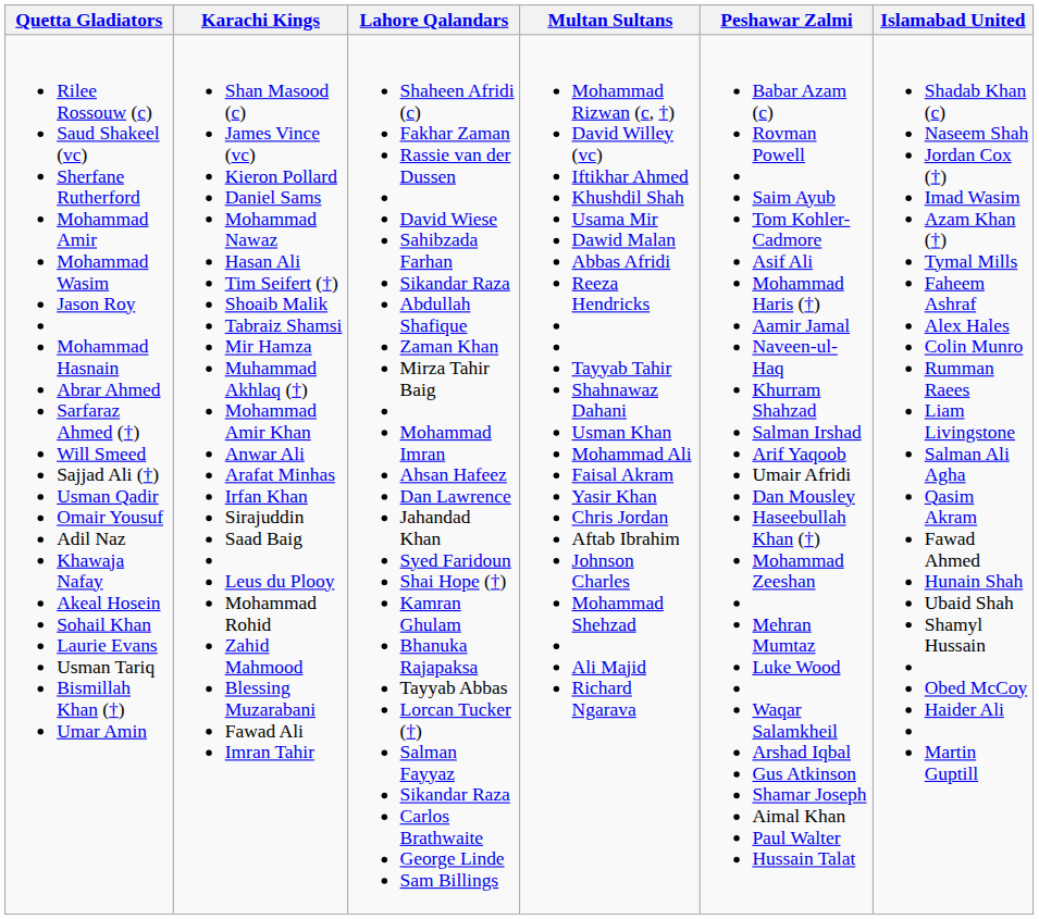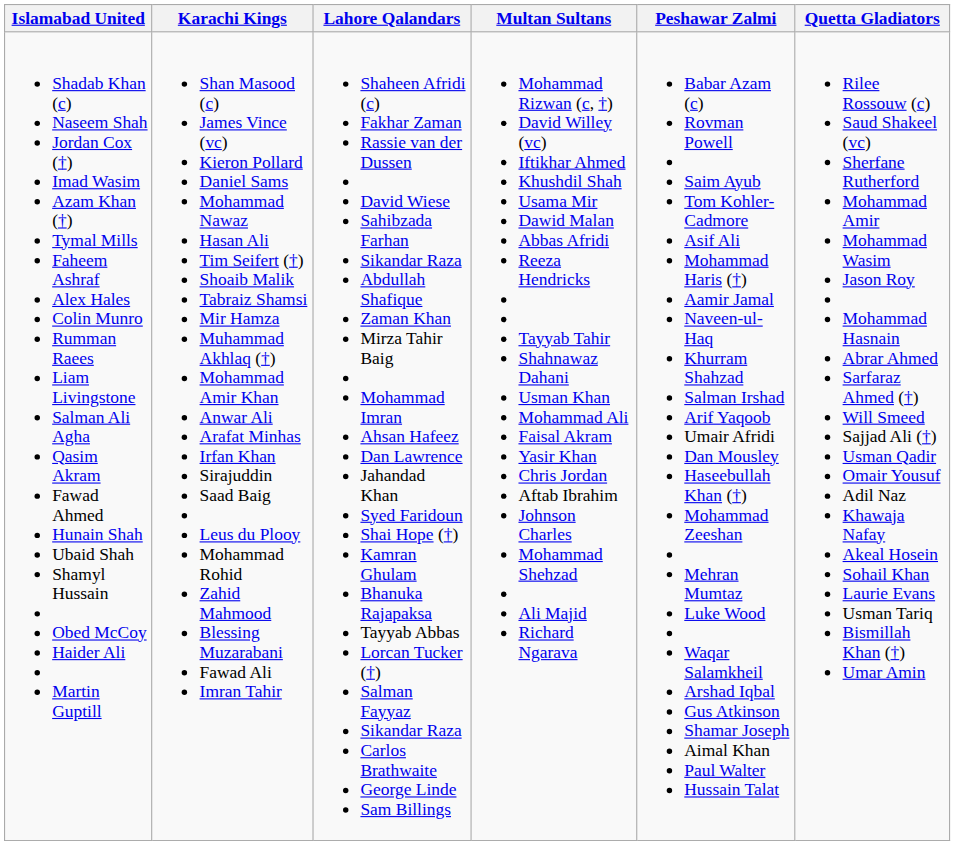 <table class="wikitable">
 <tr>
-<th><a href='#'>Quetta Gladiators</a></th>
+<th><a href='#'>Islamabad United</a></th>
 <th><a href='#'>Karachi Kings</a></th>
 <th><a href='#'>Lahore Qalandars</a></th>
 <th><a href='#'>Multan Sultans</a></th>
 <th><a href='#'>Peshawar Zalmi</a></th>
-<th><a href='#'>Islamabad United</a></th>
+<th><a href='#'>Quetta Gladiators</a></th>
 </tr>
 <tr>
-<td valign=top><br><ul><li><a href='#'>Rilee Rossouw</a> (<a href='#'>c</a>)</li><li><a href='#'>Saud Shakeel</a> (<a href='#'>vc</a>)</li><li><a href='#'>Sherfane Rutherford</a></li><li><a href='#'>Mohammad Amir</a></li><li><a href='#'>Mohammad Wasim</a></li><li><a href='#'>Jason Roy</a></li><li></li><li><a href='#'>Mohammad Hasnain</a></li><li><a href='#'>Abrar Ahmed</a></li><li><a href='#'>Sarfaraz Ahmed</a> (<a href='#'>†</a>)</li><li><a href='#'>Will Smeed</a></li><li>Sajjad Ali (<a href='#'>†</a>)</li><li><a href='#'>Usman Qadir</a></li><li><a href='#'>Omair Yousuf</a></li><li>Adil Naz</li><li><a href='#'>Khawaja Nafay</a></li><li><a href='#'>Akeal Hosein</a></li><li><a href='#'>Sohail Khan</a></li><li><a href='#'>Laurie Evans</a></li><li>Usman Tariq</li><li><a href='#'>Bismillah Khan</a> (<a href='#'>†</a>)</li><li><a href='#'>Umar Amin</a></li></ul></td>
+<td valign=top><br><ul><li><a href='#'>Shadab Khan</a> (<a href='#'>c</a>)</li><li><a href='#'>Naseem Shah</a></li><li><a href='#'>Jordan Cox</a> (<a href='#'>†</a>)</li><li><a href='#'>Imad Wasim</a></li><li><a href='#'>Azam Khan</a> (<a href='#'>†</a>)</li><li><a href='#'>Tymal Mills</a></li><li><a href='#'>Faheem Ashraf</a></li><li><a href='#'>Alex Hales</a></li><li><a href='#'>Colin Munro</a></li><li><a href='#'>Rumman Raees</a></li><li><a href='#'>Liam Livingstone</a></li><li><a href='#'>Salman Ali Agha</a></li><li><a href='#'>Qasim Akram</a></li><li>Fawad Ahmed</li><li><a href='#'>Hunain Shah</a></li><li>Ubaid Shah</li><li>Shamyl Hussain</li><li></li><li><a href='#'>Obed McCoy</a></li><li><a href='#'>Haider Ali</a></li><li></li><li><a href='#'>Martin Guptill</a></li></ul></td>
 <td valign=top><br><ul><li><a href='#'>Shan Masood</a> (<a href='#'>c</a>)</li><li><a href='#'>James Vince</a> (<a href='#'>vc</a>)</li><li><a href='#'>Kieron Pollard</a></li><li><a href='#'>Daniel Sams</a></li><li><a href='#'>Mohammad Nawaz</a></li><li><a href='#'>Hasan Ali</a></li><li><a href='#'>Tim Seifert</a> (<a href='#'>†</a>)</li><li><a href='#'>Shoaib Malik</a></li><li><a href='#'>Tabraiz Shamsi</a></li><li><a href='#'>Mir Hamza</a></li><li><a href='#'>Muhammad Akhlaq</a> (<a href='#'>†</a>)</li><li><a href='#'>Mohammad Amir Khan</a></li><li><a href='#'>Anwar Ali</a></li><li><a href='#'>Arafat Minhas</a></li><li><a href='#'>Irfan Khan</a></li><li>Sirajuddin</li><li>Saad Baig</li><li></li><li><a href='#'>Leus du Plooy</a></li><li>Mohammad Rohid</li><li><a href='#'>Zahid Mahmood</a></li><li><a href='#'>Blessing Muzarabani</a></li><li>Fawad Ali</li><li><a href='#'>Imran Tahir</a></li></ul></td>
 <td valign=top><br><ul><li><a href='#'>Shaheen Afridi</a> (<a href='#'>c</a>)</li><li><a href='#'>Fakhar Zaman</a></li><li><a href='#'>Rassie van der Dussen</a></li><li></li><li><a href='#'>David Wiese</a></li><li><a href='#'>Sahibzada Farhan</a></li><li><a href='#'>Sikandar Raza</a></li><li><a href='#'>Abdullah Shafique</a></li><li><a href='#'>Zaman Khan</a></li><li>Mirza Tahir Baig</li><li></li><li><a href='#'>Mohammad Imran</a></li><li><a href='#'>Ahsan Hafeez</a></li><li><a href='#'>Dan Lawrence</a></li><li>Jahandad Khan</li><li><a href='#'>Syed Faridoun</a></li><li><a href='#'>Shai Hope</a> (<a href='#'>†</a>)</li><li><a href='#'>Kamran Ghulam</a></li><li><a href='#'>Bhanuka Rajapaksa</a></li><li>Tayyab Abbas</li><li><a href='#'>Lorcan Tucker</a> (<a href='#'>†</a>)</li><li><a href='#'>Salman Fayyaz</a></li><li><a href='#'>Sikandar Raza</a></li><li><a href='#'>Carlos Brathwaite</a></li><li><a href='#'>George Linde</a></li><li><a href='#'>Sam Billings</a></li></ul></td>
 <td valign=top><br><ul><li><a href='#'>Mohammad Rizwan</a> (<a href='#'>c</a>, <a href='#'>†</a>)</li><li><a href='#'>David Willey</a> (<a href='#'>vc</a>)</li><li><a href='#'>Iftikhar Ahmed</a></li><li><a href='#'>Khushdil Shah</a></li><li><a href='#'>Usama Mir</a></li><li><a href='#'>Dawid Malan</a></li><li><a href='#'>Abbas Afridi</a></li><li><a href='#'>Reeza Hendricks</a></li><li></li><li></li><li><a href='#'>Tayyab Tahir</a></li><li><a href='#'>Shahnawaz Dahani</a></li><li><a href='#'>Usman Khan</a></li><li><a href='#'>Mohammad Ali</a></li><li><a href='#'>Faisal Akram</a></li><li><a href='#'>Yasir Khan</a></li><li><a href='#'>Chris Jordan</a></li><li>Aftab Ibrahim</li><li><a href='#'>Johnson Charles</a></li><li><a href='#'>Mohammad Shehzad</a></li><li></li><li><a href='#'>Ali Majid</a></li><li><a href='#'>Richard Ngarava</a></li></ul></td>
 <td valign=top><br><ul><li><a href='#'>Babar Azam</a> (<a href='#'>c</a>)</li><li><a href='#'>Rovman Powell</a></li><li></li><li><a href='#'>Saim Ayub</a></li><li><a href='#'>Tom Kohler-Cadmore</a></li><li><a href='#'>Asif Ali</a></li><li><a href='#'>Mohammad Haris</a> (<a href='#'>†</a>)</li><li><a href='#'>Aamir Jamal</a></li><li><a href='#'>Naveen-ul-Haq</a></li><li><a href='#'>Khurram Shahzad</a></li><li><a href='#'>Salman Irshad</a></li><li><a href='#'>Arif Yaqoob</a></li><li>Umair Afridi</li><li><a href='#'>Dan Mousley</a></li><li><a href='#'>Haseebullah Khan</a> (<a href='#'>†</a>)</li><li><a href='#'>Mohammad Zeeshan</a></li><li></li><li><a href='#'>Mehran Mumtaz</a></li><li><a href='#'>Luke Wood</a></li><li></li><li><a href='#'>Waqar Salamkheil</a></li><li><a href='#'>Arshad Iqbal</a></li><li><a href='#'>Gus Atkinson</a></li><li><a href='#'>Shamar Joseph</a></li><li>Aimal Khan</li><li><a href='#'>Paul Walter</a></li><li><a href='#'>Hussain Talat</a></li></ul></td>
-<td valign=top><br><ul><li><a href='#'>Shadab Khan</a> (<a href='#'>c</a>)</li><li><a href='#'>Naseem Shah</a></li><li><a href='#'>Jordan Cox</a> (<a href='#'>†</a>)</li><li><a href='#'>Imad Wasim</a></li><li><a href='#'>Azam Khan</a> (<a href='#'>†</a>)</li><li><a href='#'>Tymal Mills</a></li><li><a href='#'>Faheem Ashraf</a></li><li><a href='#'>Alex Hales</a></li><li><a href='#'>Colin Munro</a></li><li><a href='#'>Rumman Raees</a></li><li><a href='#'>Liam Livingstone</a></li><li><a href='#'>Salman Ali Agha</a></li><li><a href='#'>Qasim Akram</a></li><li>Fawad Ahmed</li><li><a href='#'>Hunain Shah</a></li><li>Ubaid Shah</li><li>Shamyl Hussain</li><li></li><li><a href='#'>Obed McCoy</a></li><li><a href='#'>Haider Ali</a></li><li></li><li><a href='#'>Martin Guptill</a></li></ul></td>
+<td valign=top><br><ul><li><a href='#'>Rilee Rossouw</a> (<a href='#'>c</a>)</li><li><a href='#'>Saud Shakeel</a> (<a href='#'>vc</a>)</li><li><a href='#'>Sherfane Rutherford</a></li><li><a href='#'>Mohammad Amir</a></li><li><a href='#'>Mohammad Wasim</a></li><li><a href='#'>Jason Roy</a></li><li></li><li><a href='#'>Mohammad Hasnain</a></li><li><a href='#'>Abrar Ahmed</a></li><li><a href='#'>Sarfaraz Ahmed</a> (<a href='#'>†</a>)</li><li><a href='#'>Will Smeed</a></li><li>Sajjad Ali (<a href='#'>†</a>)</li><li><a href='#'>Usman Qadir</a></li><li><a href='#'>Omair Yousuf</a></li><li>Adil Naz</li><li><a href='#'>Khawaja Nafay</a></li><li><a href='#'>Akeal Hosein</a></li><li><a href='#'>Sohail Khan</a></li><li><a href='#'>Laurie Evans</a></li><li>Usman Tariq</li><li><a href='#'>Bismillah Khan</a> (<a href='#'>†</a>)</li><li><a href='#'>Umar Amin</a></li></ul></td>
 </tr>
 </table>
